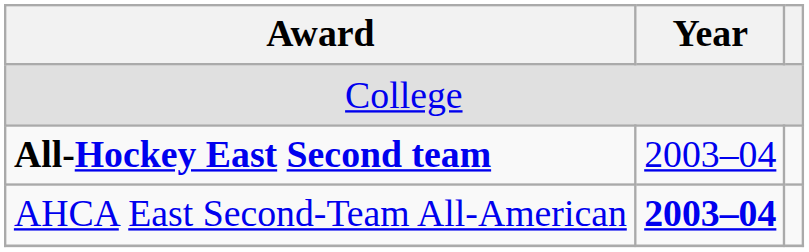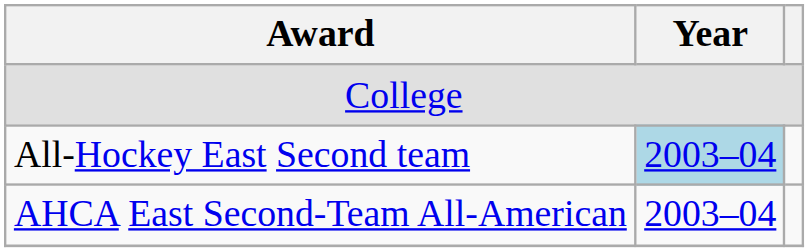 <table class="wikitable">
 <tr>
 <th>Award</th>
 <th>Year</th>
 <th></th>
 </tr>
 <tr ALIGN="center" bgcolor="#e0e0e0">
 <td colspan="3"><a href='#'>College</a></td>
 </tr>
 <tr>
-<td><strong>All-<a href='#'>Hockey East</a> <a href='#'>Second team</a></strong></td>
-<td><a href='#'>2003–04</a></td>
+<td>All-<a href='#'>Hockey East</a> <a href='#'>Second team</a></td>
+<td style="background: lightblue;"><a href='#'>2003–04</a></td>
 <td></td>
 </tr>
 <tr>
 <td><a href='#'>AHCA</a> <a href='#'>East Second-Team All-American</a></td>
-<td><strong><a href='#'>2003–04</a></strong></td>
+<td><a href='#'>2003–04</a></td>
 <td></td>
 </tr>
 <tr>
 </tr>
 </table>
